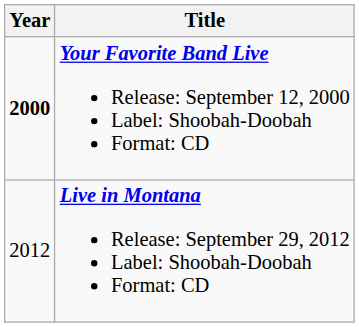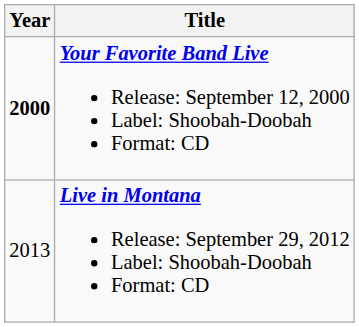 <table class="wikitable">
 <tr>
 <th>Year</th>
 <th>Title</th>
 </tr>
 <tr>
 <td><strong>2000</strong></td>
 <td style="text-align:left;"><strong><em><a href='#'>Your Favorite Band Live</a></em></strong><br><ul><li>Release: September 12, 2000</li><li>Label: Shoobah-Doobah</li><li>Format: CD</li></ul></td>
 </tr>
 <tr>
-<td>2012</td>
+<td>2013</td>
 <td style="text-align:left;"><strong><em><a href='#'>Live in Montana</a></em></strong><br><ul><li>Release: September 29, 2012</li><li>Label: Shoobah-Doobah</li><li>Format: CD</li></ul></td>
 </tr>
 </table>
